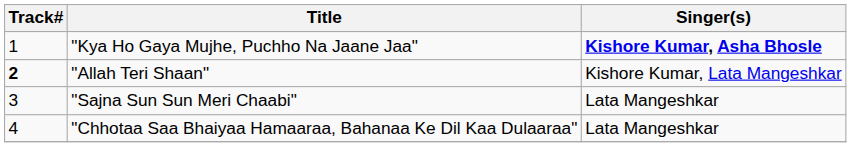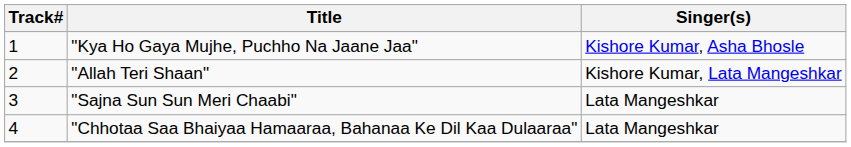 <table class="wikitable">
 <tr>
 <th>Track#</th>
 <th>Title</th>
 <th>Singer(s)</th>
 </tr>
 <tr>
 <td>1</td>
 <td>"Kya Ho Gaya Mujhe, Puchho Na Jaane Jaa"</td>
-<td><strong><a href='#'>Kishore Kumar</a>, <a href='#'>Asha Bhosle</a></strong></td>
+<td><a href='#'>Kishore Kumar</a>, <a href='#'>Asha Bhosle</a></td>
 </tr>
 <tr>
-<td><strong>2</strong></td>
+<td>2</td>
 <td>"Allah Teri Shaan"</td>
 <td>Kishore Kumar, <a href='#'>Lata Mangeshkar</a></td>
 </tr>
 <tr>
 <td>3</td>
 <td>"Sajna Sun Sun Meri Chaabi"</td>
 <td>Lata Mangeshkar</td>
 </tr>
 <tr>
 <td>4</td>
 <td>"Chhotaa Saa Bhaiyaa Hamaaraa, Bahanaa Ke Dil Kaa Dulaaraa"</td>
 <td>Lata Mangeshkar</td>
 </tr>
 <tr>
 </tr>
 </table>
